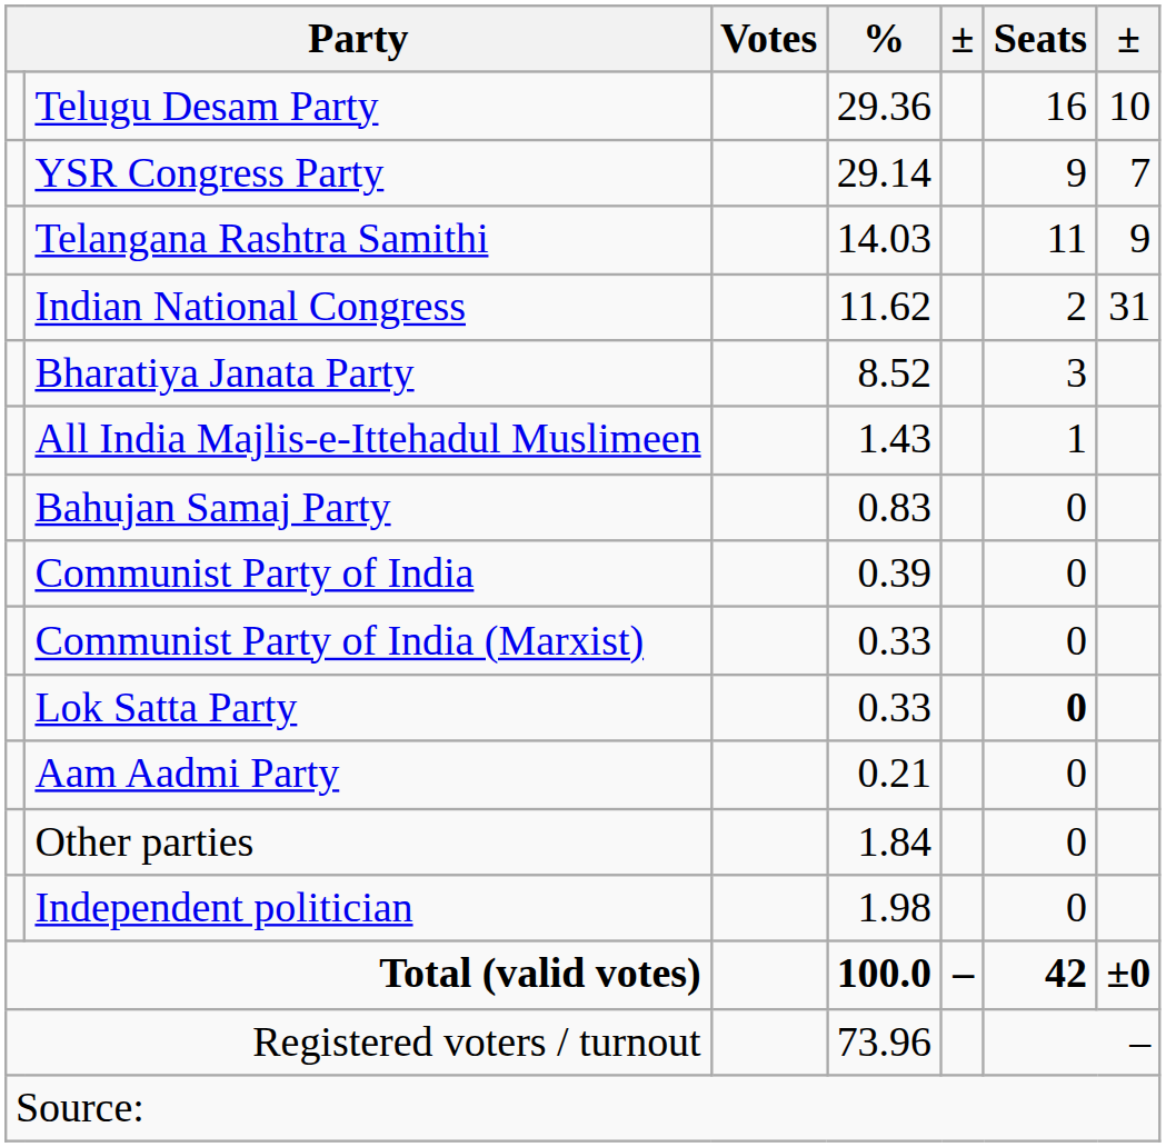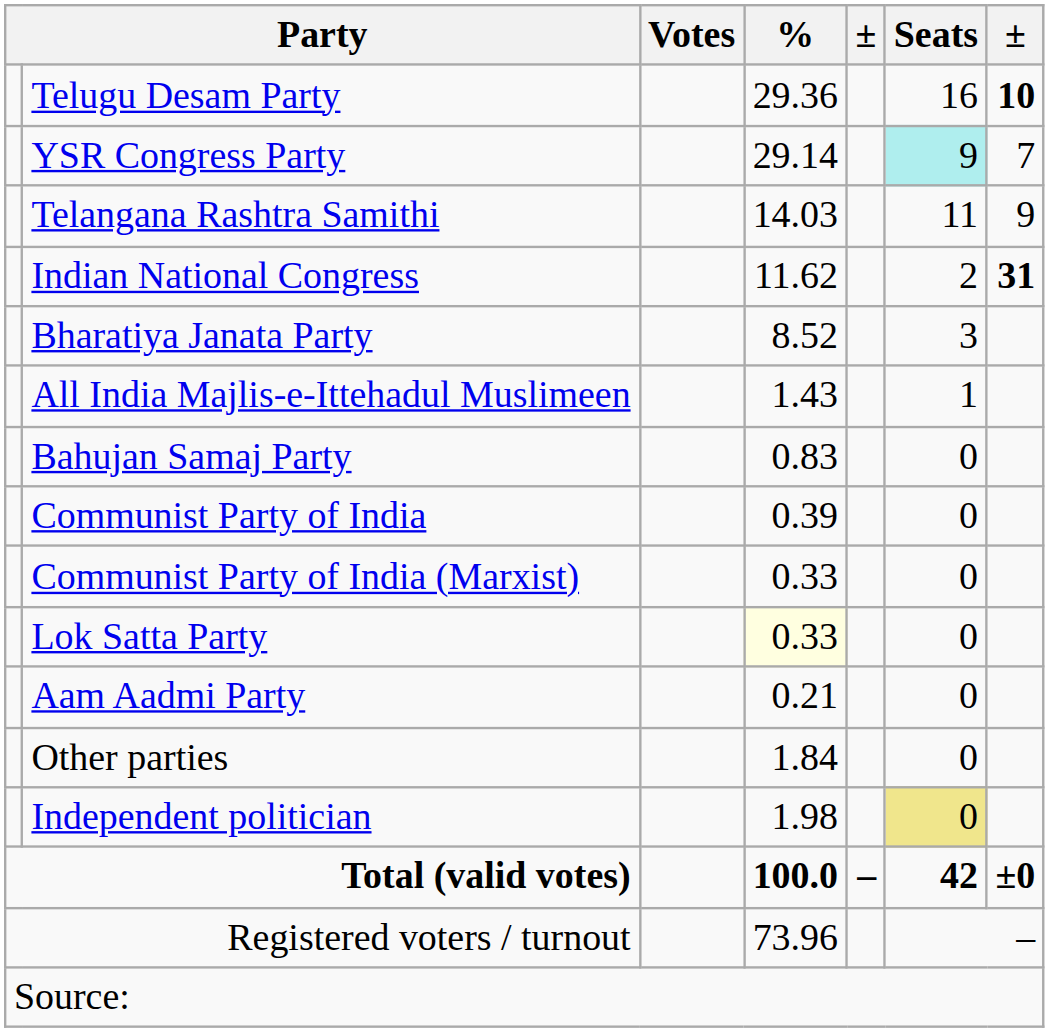 <table class="wikitable" style="text-align:right;">
 <tr style="background:#e9e9e9;">
 <th colspan="2">Party</th>
 <th>Votes</th>
 <th>%</th>
 <th>±</th>
 <th>Seats</th>
 <th>±</th>
 </tr>
 <tr>
 <td style="background-color:"></td>
 <td style="text-align:left;"><a href='#'>Telugu Desam Party</a></td>
 <td></td>
 <td>29.36</td>
 <td></td>
 <td>16</td>
-<td> 10</td>
+<td><strong> 10</strong></td>
 </tr>
 <tr>
 <td style="background-color:"></td>
 <td style="text-align:left;"><a href='#'>YSR Congress Party</a></td>
 <td></td>
 <td>29.14</td>
 <td></td>
-<td>9</td>
+<td style="background: paleturquoise;">9</td>
 <td> 7</td>
 </tr>
 <tr>
 <td style="background-color:"></td>
 <td style="text-align:left;"><a href='#'>Telangana Rashtra Samithi</a></td>
 <td></td>
 <td>14.03</td>
 <td></td>
 <td>11</td>
 <td> 9</td>
 </tr>
 <tr>
 <td style="background-color:"></td>
 <td style="text-align:left;"><a href='#'>Indian National Congress</a></td>
 <td></td>
 <td>11.62</td>
 <td></td>
 <td>2</td>
-<td> 31</td>
+<td><strong> 31</strong></td>
 </tr>
 <tr>
 <td style="background-color:"></td>
 <td style="text-align:left;"><a href='#'>Bharatiya Janata Party</a></td>
 <td></td>
 <td>8.52</td>
 <td></td>
 <td>3</td>
 <td></td>
 </tr>
 <tr>
 <td style="background-color:"></td>
 <td style="text-align:left;"><a href='#'>All India Majlis-e-Ittehadul Muslimeen</a></td>
 <td></td>
 <td>1.43</td>
 <td></td>
 <td>1</td>
 <td></td>
 </tr>
 <tr>
 <td style="background-color:"></td>
 <td style="text-align:left;"><a href='#'>Bahujan Samaj Party</a></td>
 <td></td>
 <td>0.83</td>
 <td></td>
 <td>0</td>
 <td></td>
 </tr>
 <tr>
 <td style="background-color:"></td>
 <td style="text-align:left;"><a href='#'>Communist Party of India</a></td>
 <td></td>
 <td>0.39</td>
 <td></td>
 <td>0</td>
 <td></td>
 </tr>
 <tr>
 <td style="background-color:"></td>
 <td style="text-align:left;"><a href='#'>Communist Party of India (Marxist)</a></td>
 <td></td>
 <td>0.33</td>
 <td></td>
 <td>0</td>
 <td></td>
 </tr>
 <tr>
 <td style="background-color:"></td>
 <td style="text-align:left;"><a href='#'>Lok Satta Party</a></td>
 <td></td>
-<td>0.33</td>
+<td style="background: lightyellow;">0.33</td>
 <td></td>
-<td><strong>0</strong></td>
+<td>0</td>
 <td></td>
 </tr>
 <tr>
 <td style="background-color:"></td>
 <td style="text-align:left;"><a href='#'>Aam Aadmi Party</a></td>
 <td></td>
 <td>0.21</td>
 <td></td>
 <td>0</td>
 <td></td>
 </tr>
 <tr>
 <td style="background-color:"></td>
 <td style="text-align:left;">Other parties</td>
 <td></td>
 <td>1.84</td>
 <td></td>
 <td>0</td>
 <td></td>
 </tr>
 <tr>
 <td style="background-color:"></td>
 <td style="text-align:left;"><a href='#'>Independent politician</a></td>
 <td></td>
 <td>1.98</td>
 <td></td>
-<td>0</td>
+<td style="background: khaki;">0</td>
 <td></td>
 </tr>
 <tr style="font-weight:bold;">
 <td colspan=2>Total (valid votes)</td>
 <td></td>
 <td>100.0</td>
 <td>–</td>
 <td>42</td>
 <td>±0</td>
 </tr>
 <tr>
 <td colspan=2>Registered voters / turnout</td>
 <td></td>
 <td>73.96</td>
 <td></td>
 <td colspan=2>–</td>
 </tr>
 <tr>
 <td colspan=7 style="text-align:left;">Source: </td>
 </tr>
 </table>
